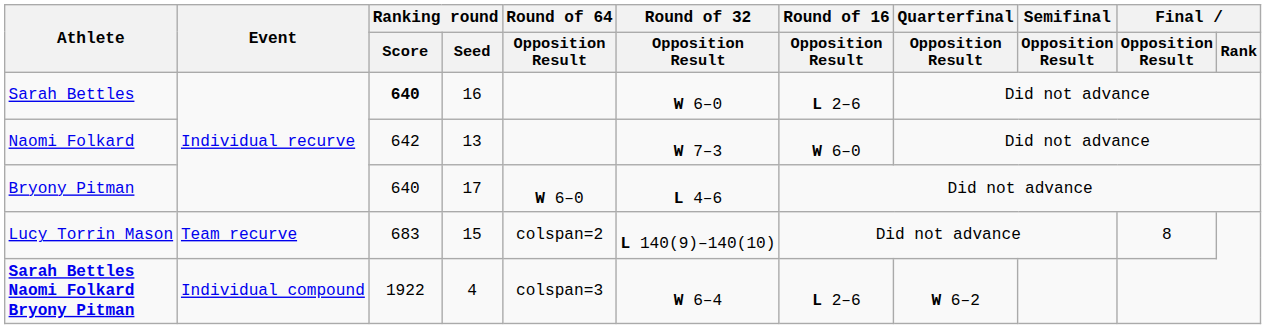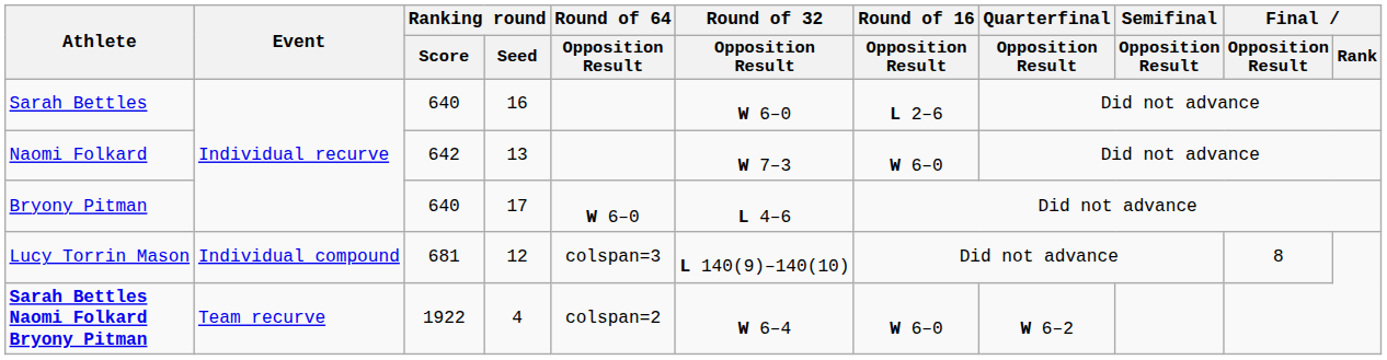 <table class=wikitable style=font-size:90%;text-align:center>
 <tr>
 <th rowspan=2>Athlete</th>
 <th rowspan=2>Event</th>
 <th colspan=2>Ranking round</th>
 <th>Round of 64</th>
 <th>Round of 32</th>
 <th>Round of 16</th>
 <th>Quarterfinal</th>
 <th>Semifinal</th>
 <th colspan=2>Final / </th>
 </tr>
 <tr style=font-size:95%>
 <th>Score</th>
 <th>Seed</th>
 <th>Opposition<br>Result</th>
 <th>Opposition<br>Result</th>
 <th>Opposition<br>Result</th>
 <th>Opposition<br>Result</th>
 <th>Opposition<br>Result</th>
 <th>Opposition<br>Result</th>
 <th>Rank</th>
 </tr>
 <tr>
 <td align=left><a href='#'>Sarah Bettles</a></td>
 <td align=left rowspan=3><a href='#'>Individual recurve</a></td>
-<td><strong>640</strong></td>
+<td>640</td>
 <td>16</td>
 <td></td>
 <td><br><strong>W</strong> 6–0</td>
 <td><br> <strong>L</strong> 2–6</td>
 <td colspan=4>Did not advance</td>
 </tr>
 <tr>
 <td align=left><a href='#'>Naomi Folkard</a></td>
 <td>642</td>
 <td>13</td>
 <td></td>
 <td><br><strong>W</strong> 7–3</td>
 <td><br><strong>W</strong> 6–0</td>
 <td colspan=4>Did not advance</td>
 </tr>
 <tr>
 <td align=left><a href='#'>Bryony Pitman</a></td>
 <td>640</td>
 <td>17</td>
 <td><br> <strong>W</strong> 6–0</td>
 <td><br> <strong>L</strong> 4–6</td>
 <td colspan=5>Did not advance</td>
 </tr>
 <tr>
 <td align=left><a href='#'>Lucy Torrin Mason</a></td>
-<td align=left><a href='#'>Team recurve</a></td>
-<td>683</td>
-<td>15</td>
-<td>colspan=2 </td>
+<td align=left><a href='#'>Individual compound</a></td>
+<td>681</td>
+<td>12</td>
+<td>colspan=3 </td>
 <td><br><strong>L</strong> 140(9)–140(10)</td>
 <td colspan=3>Did not advance</td>
 <td>8</td>
 </tr>
 <tr>
 <td align=left><strong><a href='#'>Sarah Bettles</a><br><a href='#'>Naomi Folkard</a><br><a href='#'>Bryony Pitman</a></strong></td>
-<td align=left><a href='#'>Individual compound</a></td>
+<td align=left><a href='#'>Team recurve</a></td>
 <td>1922</td>
 <td>4</td>
-<td>colspan=3 </td>
+<td>colspan=2 </td>
 <td><br> <strong>W</strong> 6–4</td>
-<td><br> <strong>L</strong> 2–6</td>
+<td><br><strong>W</strong> 6–0</td>
 <td><br><strong>W</strong> 6–2</td>
 <td></td>
 </tr>
 </table>
